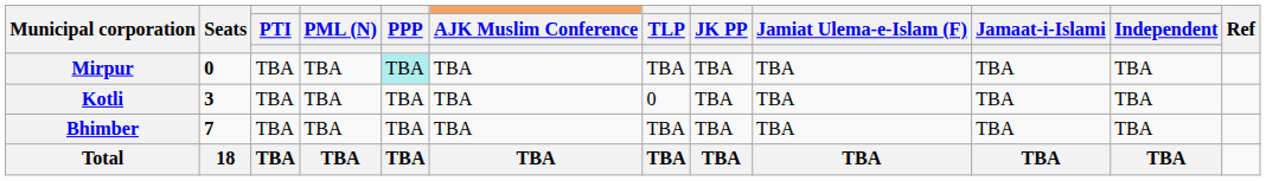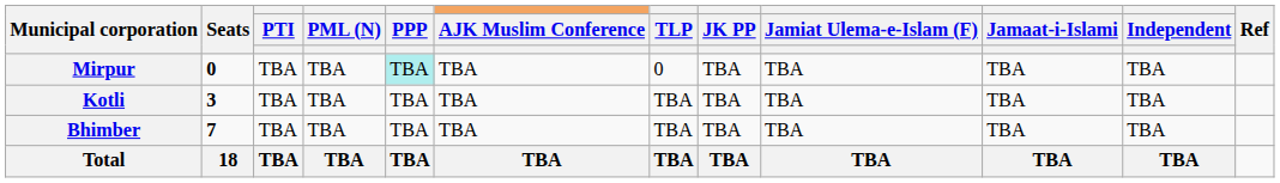 <table class="wikitable">
 <tr>
 <th rowspan="3">Municipal corporation</th>
 <th rowspan="3">Seats</th>
 <th style="background-color: "></th>
 <th style="background-color: "></th>
 <th style="background-color: "></th>
 <td bgcolor="#f4a460"></td>
 <th style="background-color: "></th>
 <th style="background-color: "></th>
 <th style="background-color: "></th>
 <th style="background-color: "></th>
 <th style="background-color: "></th>
 <th rowspan="3">Ref</th>
 </tr>
 <tr>
 <th><a href='#'>PTI</a></th>
 <th><a href='#'>PML (N)</a></th>
 <th><a href='#'>PPP</a></th>
 <th><a href='#'>AJK Muslim Conference</a></th>
 <th><a href='#'>TLP</a></th>
 <th><a href='#'>JK PP</a></th>
 <th><a href='#'>Jamiat Ulema-e-Islam (F)</a></th>
 <th><a href='#'>Jamaat-i-Islami</a></th>
 <th><a href='#'>Independent</a></th>
 </tr>
 <tr>
 <th></th>
 <th></th>
 <th></th>
 <th></th>
 <th></th>
 <th></th>
 <th></th>
 <th></th>
 <th></th>
 </tr>
 <tr>
 <th><a href='#'>Mirpur</a></th>
 <td><strong>0</strong></td>
 <td>TBA</td>
 <td>TBA</td>
 <td style="background: paleturquoise;">TBA</td>
 <td>TBA</td>
-<td>TBA</td>
+<td>0</td>
 <td>TBA</td>
 <td>TBA</td>
 <td>TBA</td>
 <td>TBA</td>
 <td></td>
 </tr>
 <tr>
 <th><a href='#'>Kotli</a></th>
 <td><strong>3</strong></td>
 <td>TBA</td>
 <td>TBA</td>
 <td>TBA</td>
 <td>TBA</td>
-<td>0</td>
+<td>TBA</td>
 <td>TBA</td>
 <td>TBA</td>
 <td>TBA</td>
 <td>TBA</td>
 <td></td>
 </tr>
 <tr>
 <th><a href='#'>Bhimber</a></th>
 <td><strong>7</strong></td>
 <td>TBA</td>
 <td>TBA</td>
 <td>TBA</td>
 <td>TBA</td>
 <td>TBA</td>
 <td>TBA</td>
 <td>TBA</td>
 <td>TBA</td>
 <td>TBA</td>
 <td></td>
 </tr>
 <tr>
 <th><strong>Total</strong></th>
 <th>18</th>
 <th>TBA</th>
 <th>TBA</th>
 <th>TBA</th>
 <th>TBA</th>
 <th>TBA</th>
 <th>TBA</th>
 <th>TBA</th>
 <th>TBA</th>
 <th>TBA</th>
 <td></td>
 </tr>
 </table>
